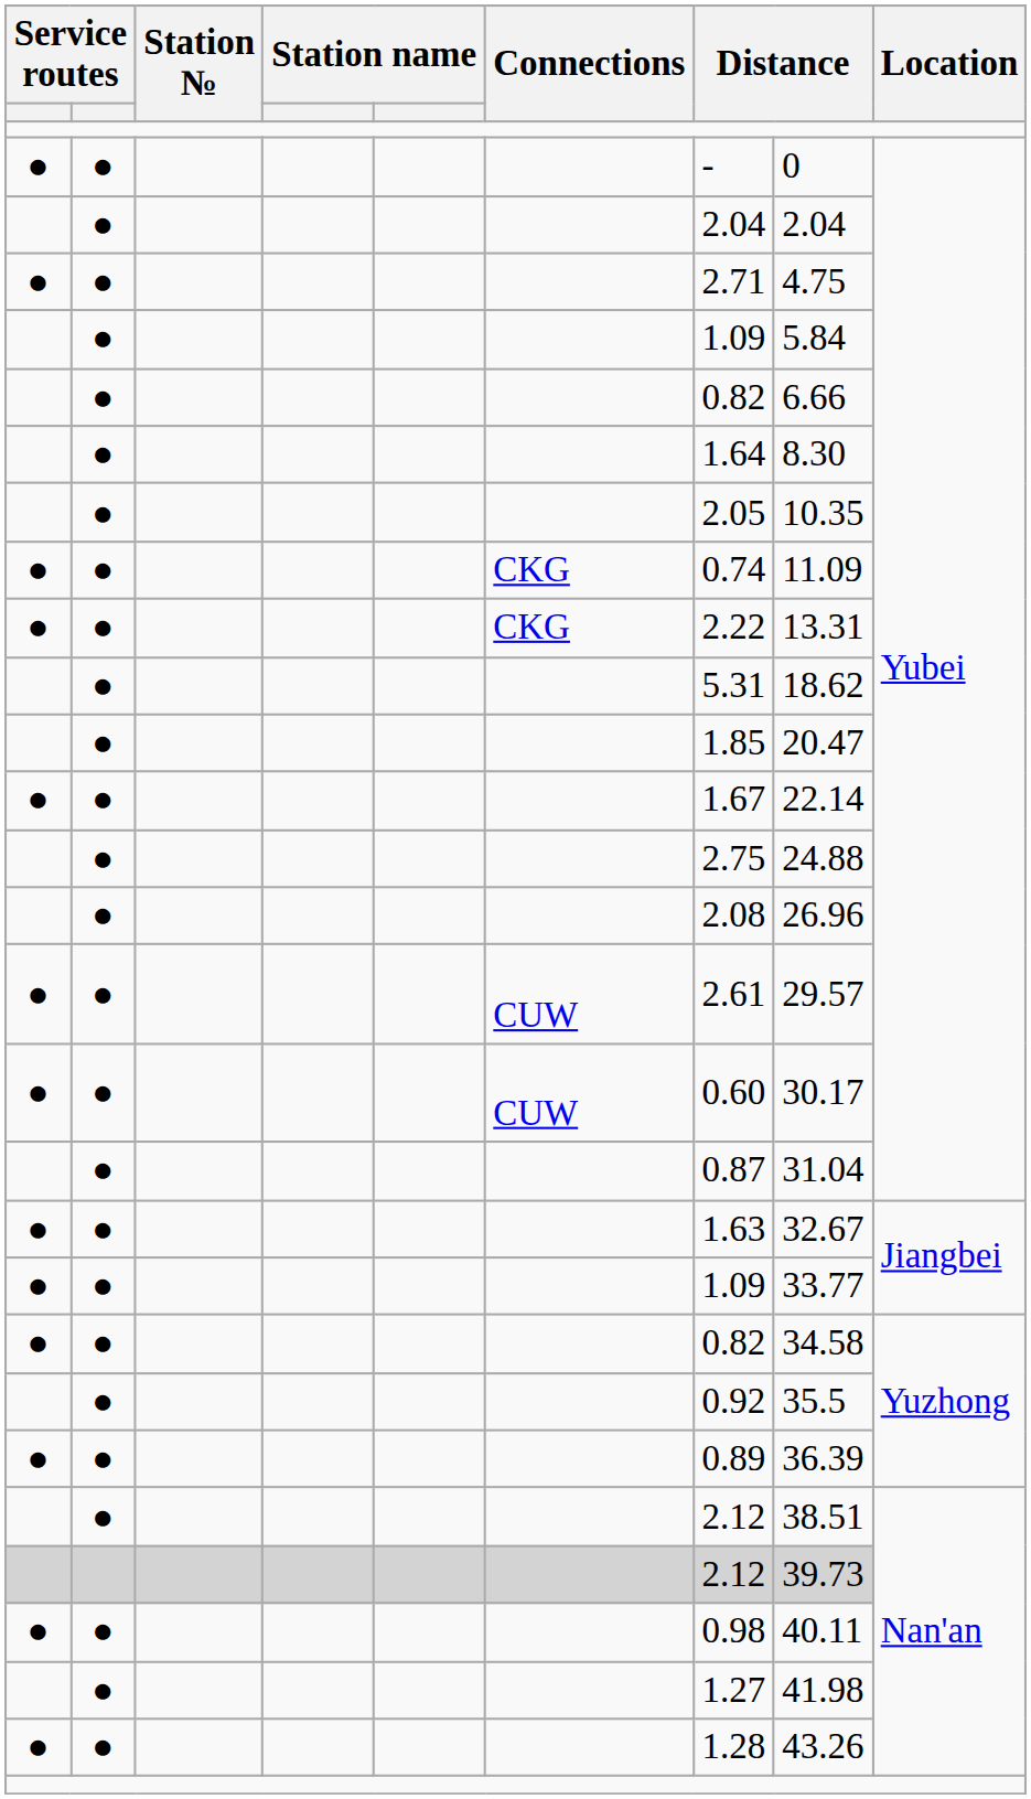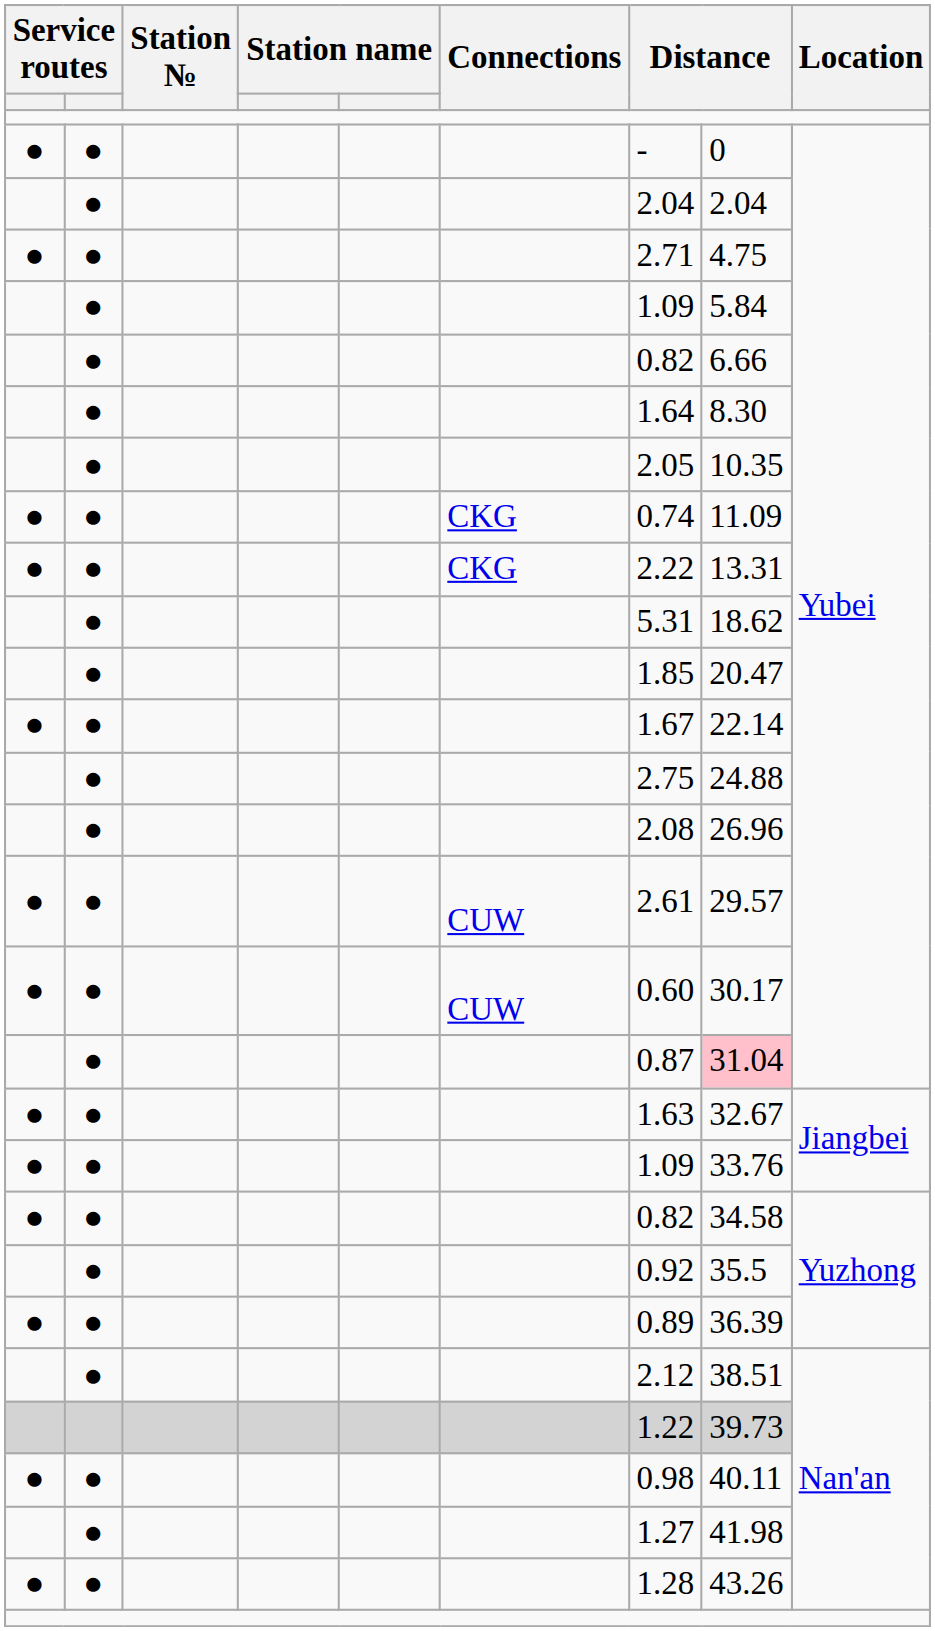 <table class="wikitable">
 <tr>
 <th colspan="2">Service<br>routes</th>
 <th rowspan="2">Station<br>№</th>
 <th colspan="2">Station name</th>
 <th rowspan="2">Connections</th>
 <th colspan="2" rowspan="2">Distance<br></th>
 <th rowspan="2">Location</th>
 </tr>
 <tr>
 <th></th>
 <th></th>
 <th></th>
 <th></th>
 </tr>
 <tr style="background:#">
 <td colspan="9"></td>
 </tr>
 <tr>
 <td align="center">●</td>
 <td align="center">●</td>
 <td></td>
 <td></td>
 <td></td>
 <td></td>
 <td>-</td>
 <td>0</td>
 <td rowspan="17"><a href='#'>Yubei</a></td>
 </tr>
 <tr>
 <td align="center"></td>
 <td align="center">●</td>
 <td></td>
 <td></td>
 <td></td>
 <td></td>
 <td>2.04</td>
 <td>2.04</td>
 </tr>
 <tr>
 <td align="center">●</td>
 <td align="center">●</td>
 <td></td>
 <td></td>
 <td></td>
 <td></td>
 <td>2.71</td>
 <td>4.75</td>
 </tr>
 <tr>
 <td align="center"></td>
 <td align="center">●</td>
 <td></td>
 <td></td>
 <td></td>
 <td></td>
 <td>1.09</td>
 <td>5.84</td>
 </tr>
 <tr>
 <td align="center"></td>
 <td align="center">●</td>
 <td></td>
 <td></td>
 <td></td>
 <td></td>
 <td>0.82</td>
 <td>6.66</td>
 </tr>
 <tr>
 <td align="center"></td>
 <td align="center">●</td>
 <td></td>
 <td></td>
 <td></td>
 <td></td>
 <td>1.64</td>
 <td>8.30</td>
 </tr>
 <tr>
 <td align="center"></td>
 <td align="center">●</td>
 <td></td>
 <td></td>
 <td></td>
 <td></td>
 <td>2.05</td>
 <td>10.35</td>
 </tr>
 <tr>
 <td align="center">●</td>
 <td align="center">●</td>
 <td></td>
 <td></td>
 <td></td>
 <td>  <a href='#'>CKG</a></td>
 <td>0.74</td>
 <td>11.09</td>
 </tr>
 <tr>
 <td align="center">●</td>
 <td align="center">●</td>
 <td></td>
 <td></td>
 <td></td>
 <td>   <a href='#'>CKG</a></td>
 <td>2.22</td>
 <td>13.31</td>
 </tr>
 <tr>
 <td align="center"></td>
 <td align="center">●</td>
 <td></td>
 <td></td>
 <td></td>
 <td></td>
 <td>5.31</td>
 <td>18.62</td>
 </tr>
 <tr>
 <td align="center"></td>
 <td align="center">●</td>
 <td></td>
 <td></td>
 <td></td>
 <td></td>
 <td>1.85</td>
 <td>20.47</td>
 </tr>
 <tr>
 <td align="center">●</td>
 <td align="center">●</td>
 <td></td>
 <td></td>
 <td></td>
 <td></td>
 <td>1.67</td>
 <td>22.14</td>
 </tr>
 <tr>
 <td align="center"></td>
 <td align="center">●</td>
 <td></td>
 <td></td>
 <td></td>
 <td></td>
 <td>2.75</td>
 <td>24.88</td>
 </tr>
 <tr>
 <td align="center"></td>
 <td align="center">●</td>
 <td></td>
 <td></td>
 <td></td>
 <td></td>
 <td>2.08</td>
 <td>26.96</td>
 </tr>
 <tr>
 <td align="center">●</td>
 <td align="center">●</td>
 <td></td>
 <td></td>
 <td></td>
 <td><br>  <a href='#'>CUW</a></td>
 <td>2.61</td>
 <td>29.57</td>
 </tr>
 <tr>
 <td align="center">●</td>
 <td align="center">●</td>
 <td></td>
 <td></td>
 <td></td>
 <td> <br>  <a href='#'>CUW</a></td>
 <td>0.60</td>
 <td>30.17</td>
 </tr>
 <tr>
 <td align="center"></td>
 <td align="center">●</td>
 <td></td>
 <td></td>
 <td></td>
 <td></td>
 <td>0.87</td>
-<td>31.04</td>
+<td style="background: pink;">31.04</td>
 </tr>
 <tr>
 <td align="center">●</td>
 <td align="center">●</td>
 <td></td>
 <td></td>
 <td></td>
 <td></td>
 <td>1.63</td>
 <td>32.67</td>
 <td rowspan="2"><a href='#'>Jiangbei</a></td>
 </tr>
 <tr>
 <td align="center">●</td>
 <td align="center">●</td>
 <td></td>
 <td></td>
 <td></td>
 <td></td>
 <td>1.09</td>
-<td>33.77</td>
+<td>33.76</td>
 </tr>
 <tr>
 <td align="center">●</td>
 <td align="center">●</td>
 <td></td>
 <td></td>
 <td></td>
 <td></td>
 <td>0.82</td>
 <td>34.58</td>
 <td rowspan="3"><a href='#'>Yuzhong</a></td>
 </tr>
 <tr>
 <td align="center"></td>
 <td align="center">●</td>
 <td></td>
 <td></td>
 <td></td>
 <td></td>
 <td>0.92</td>
 <td>35.5</td>
 </tr>
 <tr>
 <td align="center">●</td>
 <td align="center">●</td>
 <td></td>
 <td></td>
 <td></td>
 <td> </td>
 <td>0.89</td>
 <td>36.39</td>
 </tr>
 <tr>
 <td align="center"></td>
 <td align="center">●</td>
 <td></td>
 <td></td>
 <td></td>
 <td></td>
 <td>2.12</td>
 <td>38.51</td>
 <td rowspan="5"><a href='#'>Nan'an</a></td>
 </tr>
 <tr bgcolor="lightgrey">
 <td align="center"></td>
 <td align="center"></td>
 <td></td>
 <td><em></em></td>
 <td></td>
 <td> </td>
-<td>2.12</td>
+<td>1.22</td>
 <td>39.73</td>
 </tr>
 <tr>
 <td align="center">●</td>
 <td align="center">●</td>
 <td></td>
 <td><em></em></td>
 <td></td>
 <td></td>
 <td>0.98</td>
 <td>40.11</td>
 </tr>
 <tr>
 <td align="center"></td>
 <td align="center">●</td>
 <td></td>
 <td><em></em></td>
 <td></td>
 <td></td>
 <td>1.27</td>
 <td>41.98</td>
 </tr>
 <tr>
 <td align="center">●</td>
 <td align="center">●</td>
 <td></td>
 <td><em></em></td>
 <td></td>
 <td></td>
 <td>1.28</td>
 <td>43.26</td>
 </tr>
 <tr style="background:#">
 <td colspan="9"></td>
 </tr>
 </table>
